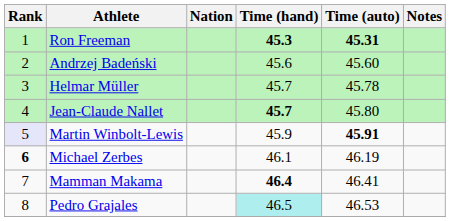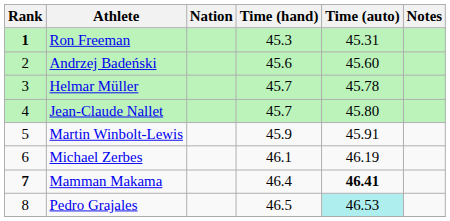 <table class="wikitable sortable" style="text-align:center">
 <tr>
 <th>Rank</th>
 <th>Athlete</th>
 <th>Nation</th>
 <th>Time (hand)</th>
 <th>Time (auto)</th>
 <th>Notes</th>
 </tr>
 <tr bgcolor=bbf3bb>
-<td>1</td>
+<td><strong>1</strong></td>
 <td align=left><a href='#'>Ron Freeman</a></td>
 <td align=left></td>
-<td><strong>45.3</strong></td>
-<td><strong>45.31</strong></td>
+<td>45.3</td>
+<td>45.31</td>
 <td></td>
 </tr>
 <tr bgcolor=bbf3bb>
 <td>2</td>
 <td align=left><a href='#'>Andrzej Badeński</a></td>
 <td align=left></td>
 <td>45.6</td>
 <td>45.60</td>
 <td></td>
 </tr>
 <tr bgcolor=bbf3bb>
 <td>3</td>
 <td align=left><a href='#'>Helmar Müller</a></td>
 <td align=left></td>
 <td>45.7</td>
 <td>45.78</td>
 <td></td>
 </tr>
 <tr bgcolor=bbf3bb>
 <td>4</td>
 <td align=left><a href='#'>Jean-Claude Nallet</a></td>
 <td align=left></td>
-<td><strong>45.7</strong></td>
+<td>45.7</td>
 <td>45.80</td>
 <td></td>
 </tr>
 <tr>
-<td style="background: lavender;">5</td>
+<td>5</td>
 <td align=left><a href='#'>Martin Winbolt-Lewis</a></td>
 <td align=left></td>
 <td>45.9</td>
-<td><strong>45.91</strong></td>
+<td>45.91</td>
 <td></td>
 </tr>
 <tr>
-<td><strong>6</strong></td>
+<td>6</td>
 <td align=left><a href='#'>Michael Zerbes</a></td>
 <td align=left></td>
 <td>46.1</td>
 <td>46.19</td>
 <td></td>
 </tr>
 <tr>
-<td>7</td>
+<td><strong>7</strong></td>
 <td align=left><a href='#'>Mamman Makama</a></td>
 <td align=left></td>
-<td><strong>46.4</strong></td>
-<td>46.41</td>
+<td>46.4</td>
+<td><strong>46.41</strong></td>
 <td></td>
 </tr>
 <tr>
 <td>8</td>
 <td align=left><a href='#'>Pedro Grajales</a></td>
 <td align=left></td>
-<td style="background: paleturquoise;">46.5</td>
-<td>46.53</td>
+<td>46.5</td>
+<td style="background: paleturquoise;">46.53</td>
 <td></td>
 </tr>
 <tr>
 </tr>
 </table>
